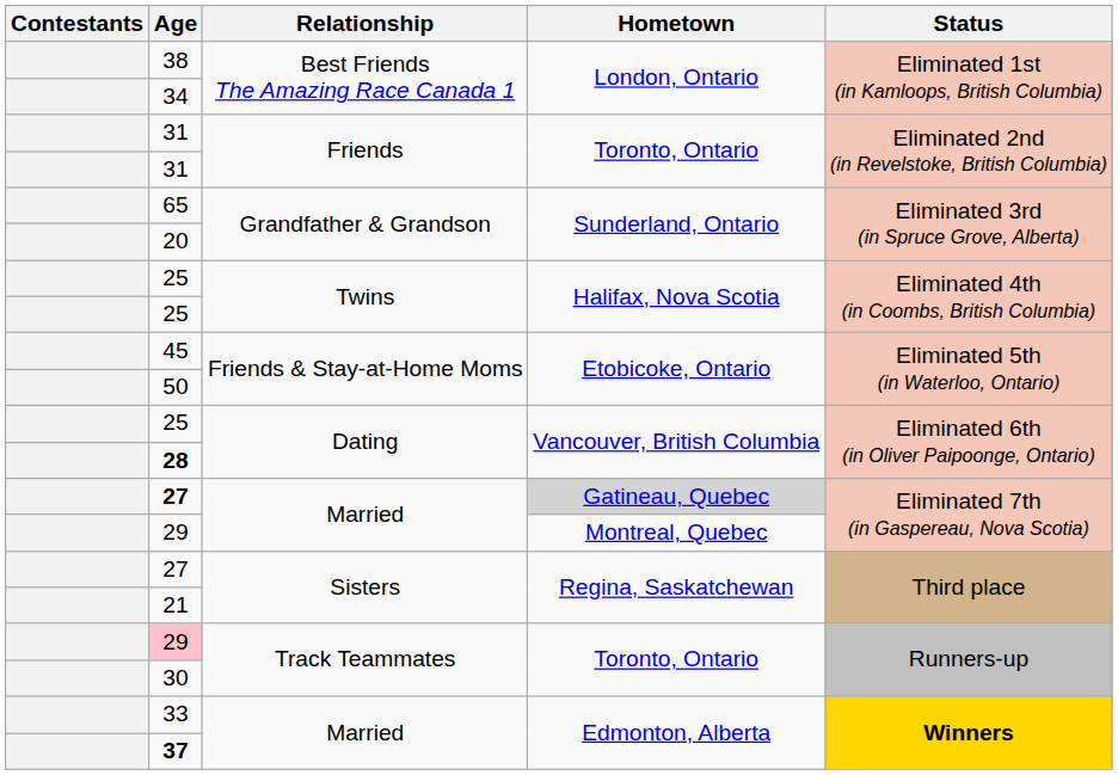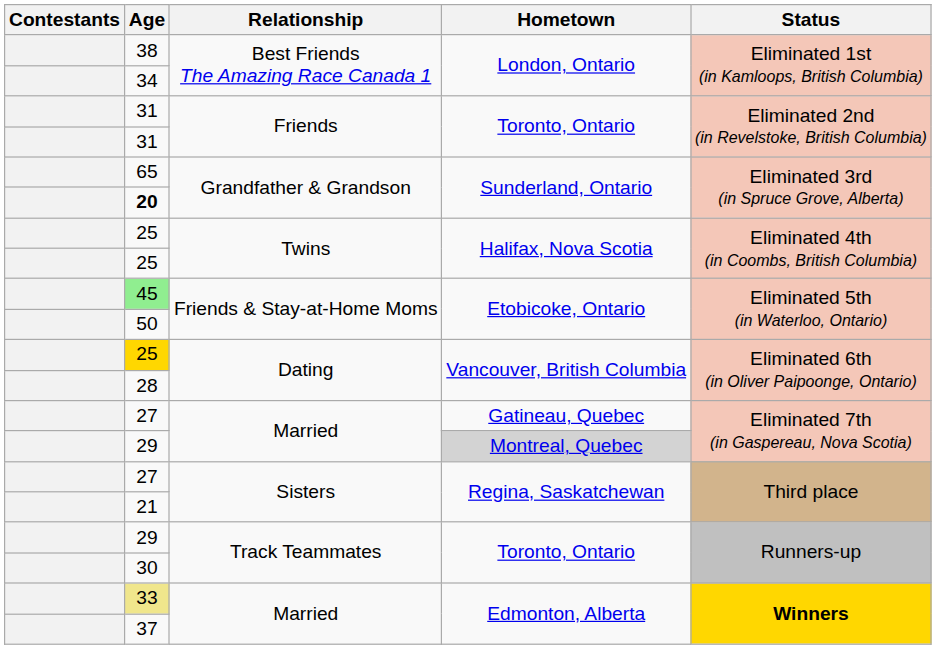 <table class="wikitable sortable" style="text-align:center;">
 <tr>
 <th scope="col">Contestants</th>
 <th scope="col">Age</th>
 <th scope="col" class="unsortable">Relationship</th>
 <th class="unsortable" scope="col">Hometown</th>
 <th scope="col">Status</th>
 </tr>
 <tr>
 <th scope="row"></th>
 <td>38</td>
 <td rowspan="2">Best Friends<br><em><a href='#'>The Amazing Race Canada 1</a></em></td>
 <td rowspan="2"><a href='#'>London, Ontario</a></td>
 <td rowspan="2" bgcolor="f4c7b8">Eliminated 1st<br><small><em>(in Kamloops, British Columbia)</em></small></td>
 </tr>
 <tr>
 <th scope="row"></th>
 <td>34</td>
 </tr>
 <tr>
 <th scope="row"></th>
 <td>31</td>
 <td rowspan="2">Friends</td>
 <td rowspan="2"><a href='#'>Toronto, Ontario</a></td>
 <td rowspan="2" bgcolor="f4c7b8">Eliminated 2nd<br><small><em>(in Revelstoke, British Columbia)</em></small></td>
 </tr>
 <tr>
 <th scope="row"></th>
 <td>31</td>
 </tr>
 <tr>
 <th scope="row"></th>
 <td>65</td>
 <td rowspan="2">Grandfather & Grandson</td>
 <td rowspan="2"><a href='#'>Sunderland, Ontario</a></td>
 <td rowspan="2" bgcolor="f4c7b8">Eliminated 3rd<br><small><em>(in Spruce Grove, Alberta)</em></small></td>
 </tr>
 <tr>
 <th scope="row"></th>
-<td>20</td>
+<td><strong>20</strong></td>
 </tr>
 <tr>
 <th scope="row"></th>
 <td>25</td>
 <td rowspan="2">Twins</td>
 <td rowspan="2"><a href='#'>Halifax, Nova Scotia</a></td>
 <td rowspan="2" bgcolor="f4c7b8">Eliminated 4th<br><small><em>(in Coombs, British Columbia)</em></small></td>
 </tr>
 <tr>
 <th scope="row"></th>
 <td>25</td>
 </tr>
 <tr>
 <th scope="row"></th>
-<td>45</td>
+<td style="background: lightgreen;">45</td>
 <td rowspan="2">Friends & Stay-at-Home Moms</td>
 <td rowspan="2"><a href='#'>Etobicoke, Ontario</a></td>
 <td rowspan="2" bgcolor="f4c7b8">Eliminated 5th<br><small><em>(in Waterloo, Ontario)</em></small></td>
 </tr>
 <tr>
 <th scope="row"></th>
 <td>50</td>
 </tr>
 <tr>
 <th scope="row"></th>
-<td>25</td>
+<td style="background: gold;">25</td>
 <td rowspan="2">Dating</td>
 <td rowspan="2"><a href='#'>Vancouver, British Columbia</a></td>
 <td rowspan="2" bgcolor="f4c7b8">Eliminated 6th<br><small><em>(in Oliver Paipoonge, Ontario)</em></small></td>
 </tr>
 <tr>
 <th scope="row"></th>
-<td><strong>28</strong></td>
+<td>28</td>
 </tr>
 <tr>
 <th scope="row"></th>
-<td><strong>27</strong></td>
+<td>27</td>
 <td rowspan="2">Married</td>
-<td style="background: lightgrey;"><a href='#'>Gatineau, Quebec</a></td>
+<td><a href='#'>Gatineau, Quebec</a></td>
 <td rowspan="2" bgcolor="f4c7b8">Eliminated 7th<br><small><em>(in Gaspereau, Nova Scotia)</em></small></td>
 </tr>
 <tr>
 <th scope="row"></th>
 <td>29</td>
-<td><a href='#'>Montreal, Quebec</a></td>
+<td style="background: lightgrey;"><a href='#'>Montreal, Quebec</a></td>
 </tr>
 <tr>
 <th scope="row"></th>
 <td>27</td>
 <td rowspan="2">Sisters</td>
 <td rowspan="2"><a href='#'>Regina, Saskatchewan</a></td>
 <td rowspan="2" bgcolor="tan">Third place</td>
 </tr>
 <tr>
 <th scope="row"></th>
 <td>21</td>
 </tr>
 <tr>
 <th scope="row"></th>
-<td style="background: pink;">29</td>
+<td>29</td>
 <td rowspan="2">Track Teammates</td>
 <td rowspan="2"><a href='#'>Toronto, Ontario</a></td>
 <td rowspan="2" bgcolor="silver">Runners-up</td>
 </tr>
 <tr>
 <th scope="row"></th>
 <td>30</td>
 </tr>
 <tr>
 <th scope="row"></th>
-<td>33</td>
+<td style="background: khaki;">33</td>
 <td rowspan="2">Married</td>
 <td rowspan="2"><a href='#'>Edmonton, Alberta</a></td>
 <td rowspan="2" bgcolor="gold"><strong>Winners</strong></td>
 </tr>
 <tr>
 <th scope="row"></th>
-<td><strong>37</strong></td>
+<td>37</td>
 </tr>
 </table>
